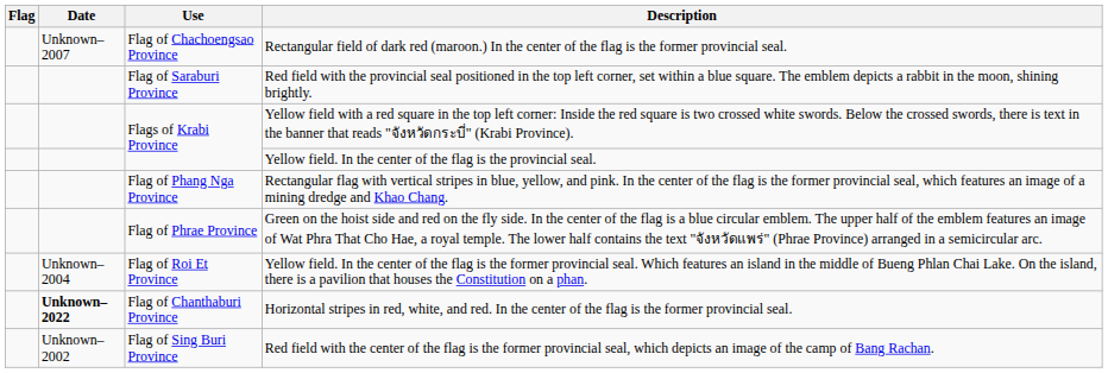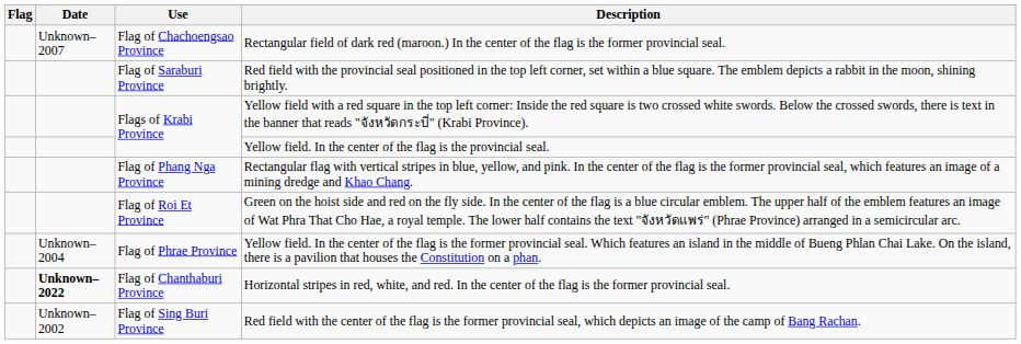 <table class="wikitable">
 <tr>
 <th>Flag</th>
 <th>Date</th>
 <th>Use</th>
 <th>Description</th>
 </tr>
 <tr>
 <td></td>
 <td>Unknown–2007</td>
 <td>Flag of <a href='#'>Chachoengsao Province</a></td>
 <td>Rectangular field of dark red (maroon.) In the center of the flag is the former provincial seal.</td>
 </tr>
 <tr>
 <td></td>
 <td></td>
 <td>Flag of <a href='#'>Saraburi Province</a></td>
 <td>Red field with the provincial seal positioned in the top left corner, set within a blue square. The emblem depicts a rabbit in the moon, shining brightly.</td>
 </tr>
 <tr>
 <td></td>
 <td></td>
 <td rowspan="2">Flags of <a href='#'>Krabi Province</a></td>
 <td>Yellow field with a red square in the top left corner: Inside the red square is two crossed white swords. Below the crossed swords, there is text in the banner that reads "จังหวัดกระบี่" (Krabi Province).</td>
 </tr>
 <tr>
 <td></td>
 <td></td>
 <td>Yellow field. In the center of the flag is the provincial seal.</td>
 </tr>
 <tr>
 <td></td>
 <td></td>
 <td>Flag of <a href='#'>Phang Nga Province</a></td>
 <td>Rectangular flag with vertical stripes in blue, yellow, and pink. In the center of the flag is the former provincial seal, which features an image of a mining dredge and <a href='#'>Khao Chang</a>.</td>
 </tr>
 <tr>
 <td></td>
 <td></td>
-<td>Flag of <a href='#'>Phrae Province</a></td>
+<td>Flag of <a href='#'>Roi Et Province</a></td>
 <td>Green on the hoist side and red on the fly side. In the center of the flag is a blue circular emblem. The upper half of the emblem features an image of Wat Phra That Cho Hae, a royal temple. The lower half contains the text "จังหวัดแพร่" (Phrae Province) arranged in a semicircular arc.</td>
 </tr>
 <tr>
 <td></td>
 <td>Unknown–2004</td>
-<td>Flag of <a href='#'>Roi Et Province</a></td>
+<td>Flag of <a href='#'>Phrae Province</a></td>
 <td>Yellow field. In the center of the flag is the former provincial seal. Which features an island in the middle of Bueng Phlan Chai Lake. On the island, there is a pavilion that houses the <a href='#'>Constitution</a> on a <a href='#'>phan</a>.</td>
 </tr>
 <tr>
 <td></td>
 <td><strong>Unknown–2022</strong></td>
 <td>Flag of <a href='#'>Chanthaburi Province</a></td>
 <td>Horizontal stripes in red, white, and red. In the center of the flag is the former provincial seal.</td>
 </tr>
 <tr>
 <td></td>
 <td>Unknown–2002</td>
 <td>Flag of <a href='#'>Sing Buri Province</a></td>
 <td>Red field with the center of the flag is the former provincial seal, which depicts an image of the camp of <a href='#'>Bang Rachan</a>.</td>
 </tr>
 </table>
